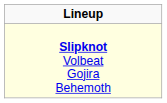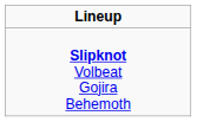 <table class="wikitable">
 <tr>
 <td colspan="3" style="text-align:center;"><strong>Lineup</strong></td>
 </tr>
 <tr>
-<td style="background: lightyellow; text-align:center; vertical-align:top; width:200px;"><br><strong><a href='#'>Slipknot</a></strong><br> <a href='#'>Volbeat</a><br> <a href='#'>Gojira</a><br> <a href='#'>Behemoth</a><br></td>
+<td style="text-align:center; vertical-align:top; width:200px;"><br><strong><a href='#'>Slipknot</a></strong><br> <a href='#'>Volbeat</a><br> <a href='#'>Gojira</a><br> <a href='#'>Behemoth</a><br></td>
 </tr>
 </table>
